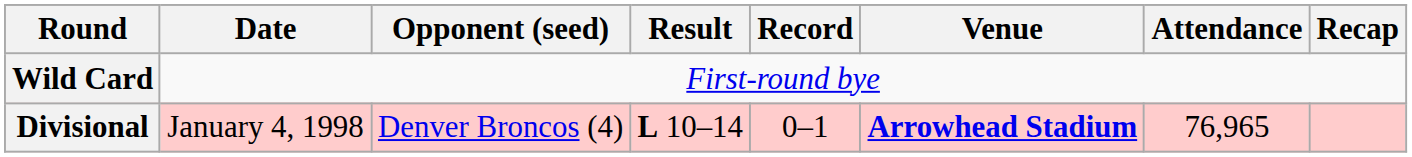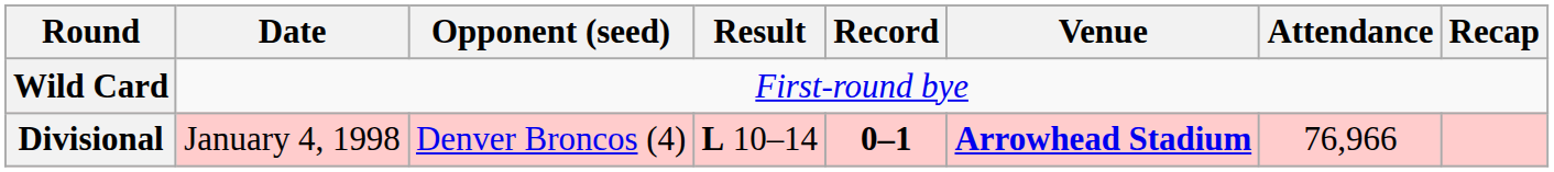 <table class="wikitable" style="text-align:center">
 <tr>
 <th>Round</th>
 <th>Date</th>
 <th>Opponent (seed)</th>
 <th>Result</th>
 <th>Record</th>
 <th>Venue</th>
 <th>Attendance</th>
 <th>Recap</th>
 </tr>
 <tr>
 <th>Wild Card</th>
 <td colspan="7"><em><a href='#'>First-round bye</a></em></td>
 </tr>
 <tr style="background:#fcc">
 <th>Divisional</th>
 <td>January 4, 1998</td>
 <td><a href='#'>Denver Broncos</a> (4)</td>
 <td><strong>L</strong> 10–14</td>
-<td>0–1</td>
+<td><strong>0–1</strong></td>
 <td><strong><a href='#'>Arrowhead Stadium</a></strong></td>
-<td>76,965</td>
+<td>76,966</td>
 <td></td>
 </tr>
 </table>
